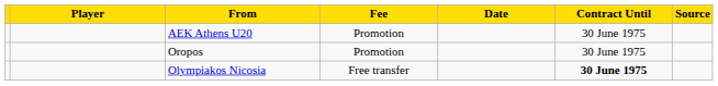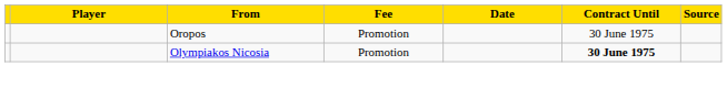 <table class="wikitable sortable">
 <tr>
 <th style="background:#FFDE00"></th>
 <th width=200 style="background:#FFDE00">Player</th>
 <th width=200 style="background:#FFDE00">From</th>
 <th width=150 style="background:#FFDE00">Fee</th>
 <th width=150 style="background:#FFDE00">Date</th>
 <th width=150 style="background:#FFDE00">Contract Until</th>
 <th style="background:#FFDE00">Source</th>
-</tr>
-<tr>
-<td align=center></td>
-<td></td>
-<td> <a href='#'>AEK Athens U20</a></td>
-<td align=center>Promotion</td>
-<td align=center></td>
-<td align=center>30 June 1975</td>
-<td align=center></td>
 </tr>
 <tr>
 <td align=center></td>
 <td></td>
 <td> Oropos</td>
 <td align=center>Promotion</td>
 <td align=center></td>
 <td align=center>30 June 1975</td>
 <td align=center></td>
 </tr>
 <tr>
 <td align=center></td>
 <td></td>
 <td> <a href='#'>Olympiakos Nicosia</a></td>
-<td align=center>Free transfer</td>
+<td align=center>Promotion</td>
 <td align=center></td>
 <td align=center><strong>30 June 1975</strong></td>
 <td align=center></td>
 </tr>
 </table>
